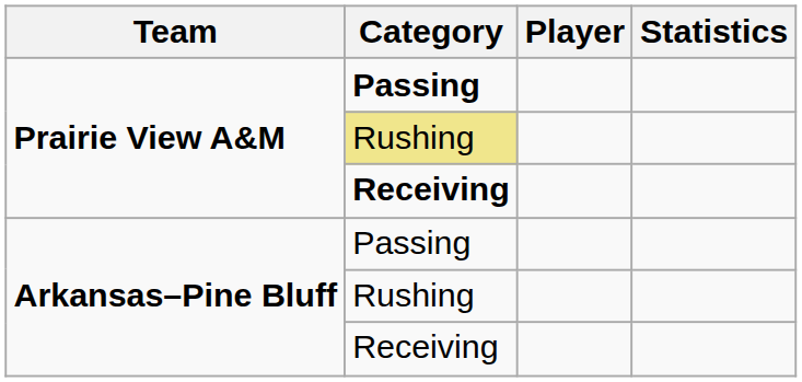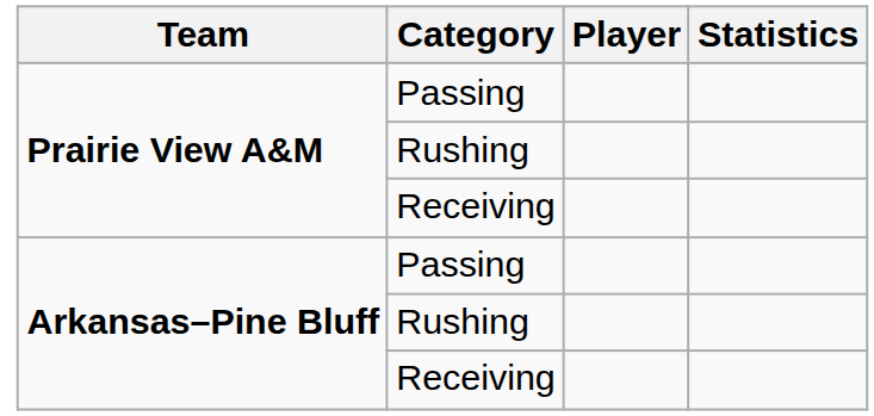 <table class="wikitable" style="float: right;">
 <tr>
 <th>Team</th>
 <th>Category</th>
 <th>Player</th>
 <th>Statistics</th>
 </tr>
 <tr>
 <td rowspan=3><strong>Prairie View A&M</strong></td>
-<td><strong>Passing</strong></td>
+<td>Passing</td>
 <td></td>
 <td></td>
 </tr>
 <tr>
-<td style="background: khaki;">Rushing</td>
+<td>Rushing</td>
 <td></td>
 <td></td>
 </tr>
 <tr>
-<td><strong>Receiving</strong></td>
+<td>Receiving</td>
 <td></td>
 <td></td>
 </tr>
 <tr>
 <td rowspan=3><strong>Arkansas–Pine Bluff</strong></td>
 <td>Passing</td>
 <td></td>
 <td></td>
 </tr>
 <tr>
 <td>Rushing</td>
 <td></td>
 <td></td>
 </tr>
 <tr>
 <td>Receiving</td>
 <td></td>
 <td></td>
 </tr>
 </table>
